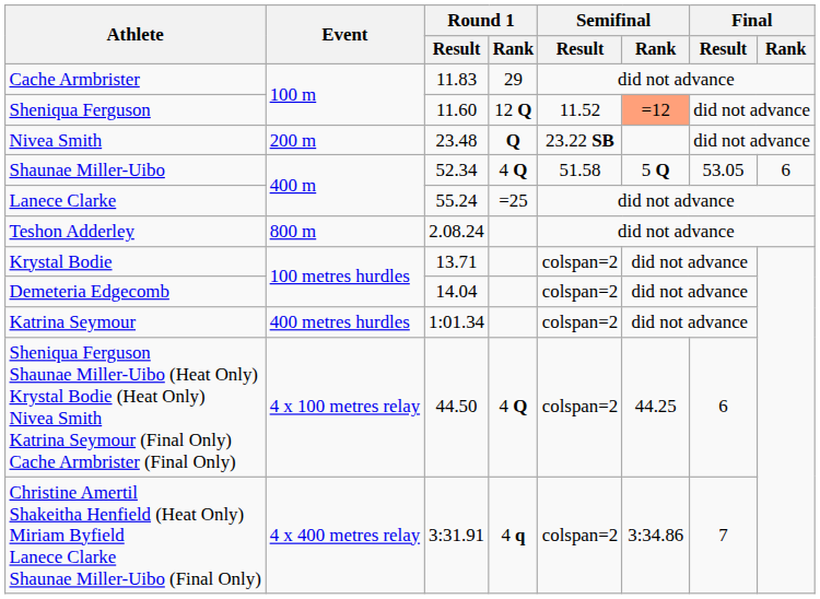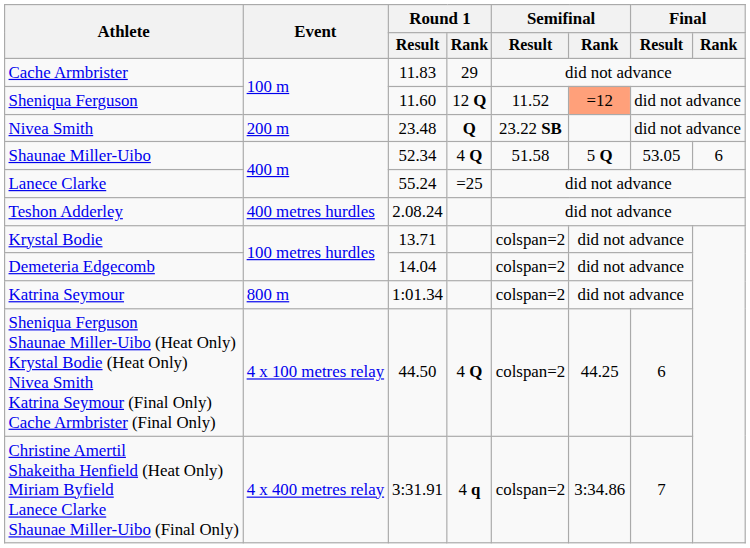 <table class=wikitable style="font-size:90%">
 <tr>
 <th rowspan="2">Athlete</th>
 <th rowspan="2">Event</th>
 <th colspan="2">Round 1</th>
 <th colspan="2">Semifinal</th>
 <th colspan="2">Final</th>
 </tr>
 <tr style="font-size:95%">
 <th>Result</th>
 <th>Rank</th>
 <th>Result</th>
 <th>Rank</th>
 <th>Result</th>
 <th>Rank</th>
 </tr>
 <tr align=center>
 <td align=left><a href='#'>Cache Armbrister</a></td>
 <td align=left rowspan=2><a href='#'>100 m</a></td>
 <td>11.83</td>
 <td>29</td>
 <td colspan=4>did not advance</td>
 </tr>
 <tr align=center>
 <td align=left><a href='#'>Sheniqua Ferguson</a></td>
 <td>11.60</td>
 <td>12 <strong>Q</strong></td>
 <td>11.52</td>
 <td style="background: lightsalmon;">=12</td>
 <td colspan=2>did not advance</td>
 </tr>
 <tr align=center>
 <td align=left><a href='#'>Nivea Smith</a></td>
 <td align=left><a href='#'>200 m</a></td>
 <td>23.48</td>
 <td><strong>Q</strong></td>
 <td>23.22 <strong>SB</strong></td>
 <td></td>
 <td colspan=2>did not advance</td>
 </tr>
 <tr align=center>
 <td align=left><a href='#'>Shaunae Miller-Uibo</a></td>
 <td align=left rowspan=2><a href='#'>400 m</a></td>
 <td>52.34</td>
 <td>4 <strong>Q</strong></td>
 <td>51.58</td>
 <td>5 <strong>Q</strong></td>
 <td>53.05</td>
 <td>6</td>
 </tr>
 <tr align=center>
 <td align=left><a href='#'>Lanece Clarke</a></td>
 <td>55.24</td>
 <td>=25</td>
 <td colspan=4>did not advance</td>
 </tr>
 <tr align=center>
 <td align=left><a href='#'>Teshon Adderley</a></td>
-<td align=left><a href='#'>800 m</a></td>
+<td align=left><a href='#'>400 metres hurdles</a></td>
 <td>2.08.24</td>
 <td></td>
 <td colspan="4">did not advance</td>
 </tr>
 <tr align=center>
 <td align=left><a href='#'>Krystal Bodie</a></td>
 <td align=left rowspan="2"><a href='#'>100 metres hurdles</a></td>
 <td>13.71</td>
 <td></td>
 <td>colspan=2 </td>
 <td colspan="2">did not advance</td>
 </tr>
 <tr align=center>
 <td align=left><a href='#'>Demeteria Edgecomb</a></td>
 <td>14.04</td>
 <td></td>
 <td>colspan=2 </td>
 <td colspan="2">did not advance</td>
 </tr>
 <tr align=center>
 <td align=left><a href='#'>Katrina Seymour</a></td>
-<td align=left><a href='#'>400 metres hurdles</a></td>
+<td align=left><a href='#'>800 m</a></td>
 <td>1:01.34</td>
 <td></td>
 <td>colspan=2 </td>
 <td colspan="2">did not advance</td>
 </tr>
 <tr align=center>
 <td align=left><a href='#'>Sheniqua Ferguson</a><br><a href='#'>Shaunae Miller-Uibo</a> (Heat Only)<br><a href='#'>Krystal Bodie</a> (Heat Only)<br><a href='#'>Nivea Smith</a> <br><a href='#'>Katrina Seymour</a> (Final Only)<br><a href='#'>Cache Armbrister</a> (Final Only)</td>
 <td align=left><a href='#'>4 x 100 metres relay</a></td>
 <td>44.50</td>
 <td>4 <strong>Q</strong></td>
 <td>colspan=2 </td>
 <td>44.25</td>
 <td>6</td>
 </tr>
 <tr align=center>
 <td align=left><a href='#'>Christine Amertil</a><br><a href='#'>Shakeitha Henfield</a> (Heat Only)<br><a href='#'>Miriam Byfield</a><br><a href='#'>Lanece Clarke</a><br><a href='#'>Shaunae Miller-Uibo</a> (Final Only)</td>
 <td align=left><a href='#'>4 x 400 metres relay</a></td>
 <td>3:31.91</td>
 <td>4 <strong>q</strong></td>
 <td>colspan=2 </td>
 <td>3:34.86</td>
 <td>7</td>
 </tr>
 </table>
